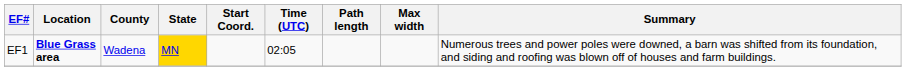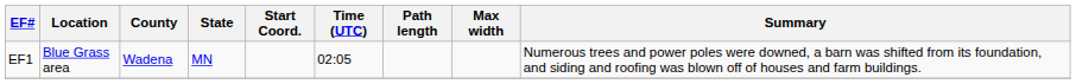 <table class="wikitable sortable" style="width:100%;">
 <tr>
 <th scope="col"  style="width:3%; text-align:center;"><a href='#'>EF#</a></th>
 <th scope="col"  style="width:7%; text-align:center;" class="unsortable">Location</th>
 <th scope="col"  style="width:6%; text-align:center;" class="unsortable">County</th>
 <th scope="col"  style="width:5%; text-align:center;">State</th>
 <th scope="col"  style="width:6%; text-align:center;">Start Coord.</th>
 <th scope="col"  style="width:6%; text-align:center;">Time (<a href='#'>UTC</a>)</th>
 <th scope="col"  style="width:6%; text-align:center;">Path length</th>
 <th scope="col"  style="width:6%; text-align:center;">Max width</th>
 <th scope="col" class="unsortable" style="width:48%; text-align:center;">Summary</th>
 </tr>
 <tr>
 <td>EF1</td>
-<td><strong><a href='#'>Blue Grass</a> area</strong></td>
+<td><a href='#'>Blue Grass</a> area</td>
 <td><a href='#'>Wadena</a></td>
-<td style="background: gold;"><a href='#'>MN</a></td>
+<td><a href='#'>MN</a></td>
 <td></td>
 <td>02:05</td>
 <td></td>
 <td></td>
 <td>Numerous trees and power poles were downed, a barn was shifted from its foundation, and siding and roofing was blown off of houses and farm buildings.</td>
 </tr>
 <tr>
 </tr>
 </table>
